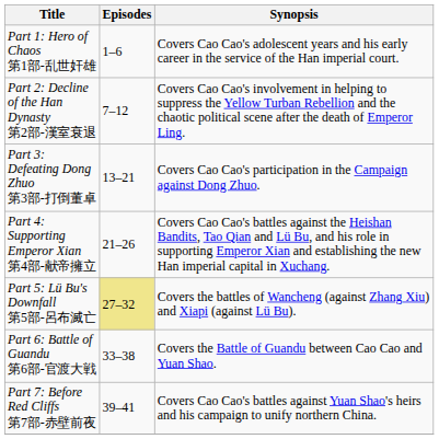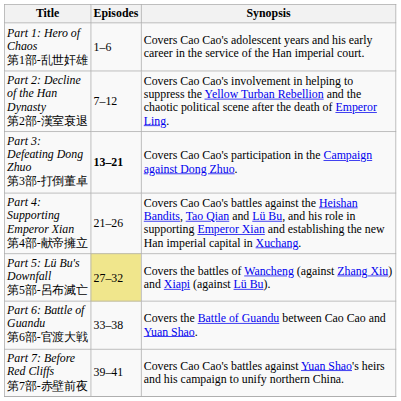 <table class="wikitable" width=60%>
 <tr>
 <th>Title</th>
 <th>Episodes</th>
 <th>Synopsis</th>
 </tr>
 <tr>
 <td><em>Part 1: Hero of Chaos</em><br>第1部-乱世奸雄</td>
 <td>1–6</td>
 <td>Covers Cao Cao's adolescent years and his early career in the service of the Han imperial court.</td>
 </tr>
 <tr>
 <td><em>Part 2: Decline of the Han Dynasty</em><br>第2部-漢室衰退</td>
 <td>7–12</td>
 <td>Covers Cao Cao's involvement in helping to suppress the <a href='#'>Yellow Turban Rebellion</a> and the chaotic political scene after the death of <a href='#'>Emperor Ling</a>.</td>
 </tr>
 <tr>
 <td><em>Part 3: Defeating Dong Zhuo</em><br>第3部-打倒董卓</td>
-<td>13–21</td>
+<td><strong>13–21</strong></td>
 <td>Covers Cao Cao's participation in the <a href='#'>Campaign against Dong Zhuo</a>.</td>
 </tr>
 <tr>
 <td><em>Part 4: Supporting Emperor Xian</em><br>第4部-献帝擁立</td>
 <td>21–26</td>
 <td>Covers Cao Cao's battles against the <a href='#'>Heishan Bandits</a>, <a href='#'>Tao Qian</a> and <a href='#'>Lü Bu</a>, and his role in supporting <a href='#'>Emperor Xian</a> and establishing the new Han imperial capital in <a href='#'>Xuchang</a>.</td>
 </tr>
 <tr>
 <td><em>Part 5: Lü Bu's Downfall</em><br>第5部-呂布滅亡</td>
 <td style="background: khaki;">27–32</td>
 <td>Covers the battles of <a href='#'>Wancheng</a> (against <a href='#'>Zhang Xiu</a>) and <a href='#'>Xiapi</a> (against <a href='#'>Lü Bu</a>).</td>
 </tr>
 <tr>
 <td><em>Part 6: Battle of Guandu</em><br>第6部-官渡大戦</td>
 <td>33–38</td>
 <td>Covers the <a href='#'>Battle of Guandu</a> between Cao Cao and <a href='#'>Yuan Shao</a>.</td>
 </tr>
 <tr>
 <td><em>Part 7: Before Red Cliffs</em><br>第7部-赤壁前夜</td>
 <td>39–41</td>
 <td>Covers Cao Cao's battles against <a href='#'>Yuan Shao</a>'s heirs and his campaign to unify northern China.</td>
 </tr>
 <tr>
 </tr>
 </table>
